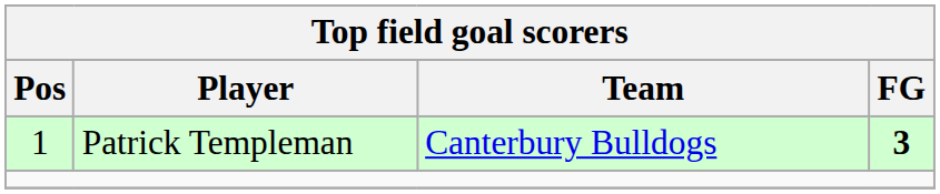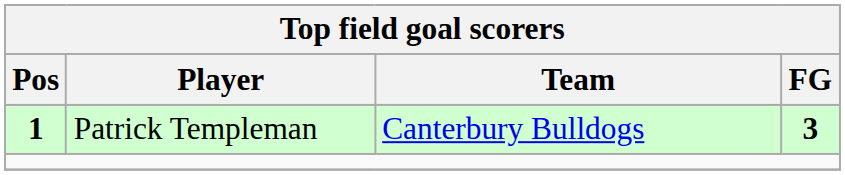 <table class="wikitable" style="text-align:center;">
 <tr>
 <th colspan=9>Top field goal scorers</th>
 </tr>
 <tr>
 <th style="width:20px;">Pos</th>
 <th style="width:150px;">Player</th>
 <th style="width:200px;">Team</th>
 <th style="width:20px;">FG</th>
 </tr>
 <tr bgcolor="#d0ffd0">
-<td>1</td>
+<td><strong>1</strong></td>
 <td style="text-align:left;">Patrick Templeman</td>
 <td style="text-align:left;"><a href='#'>Canterbury Bulldogs</a></td>
 <td><strong>3</strong></td>
 </tr>
 <tr>
 <td colspan=4></td>
 </tr>
 <tr>
 </tr>
 </table>
